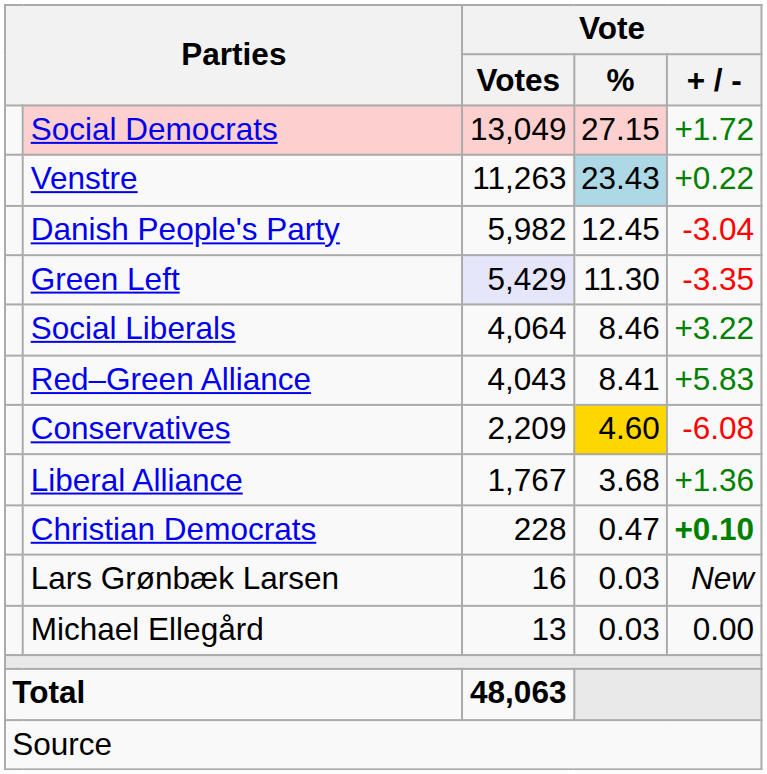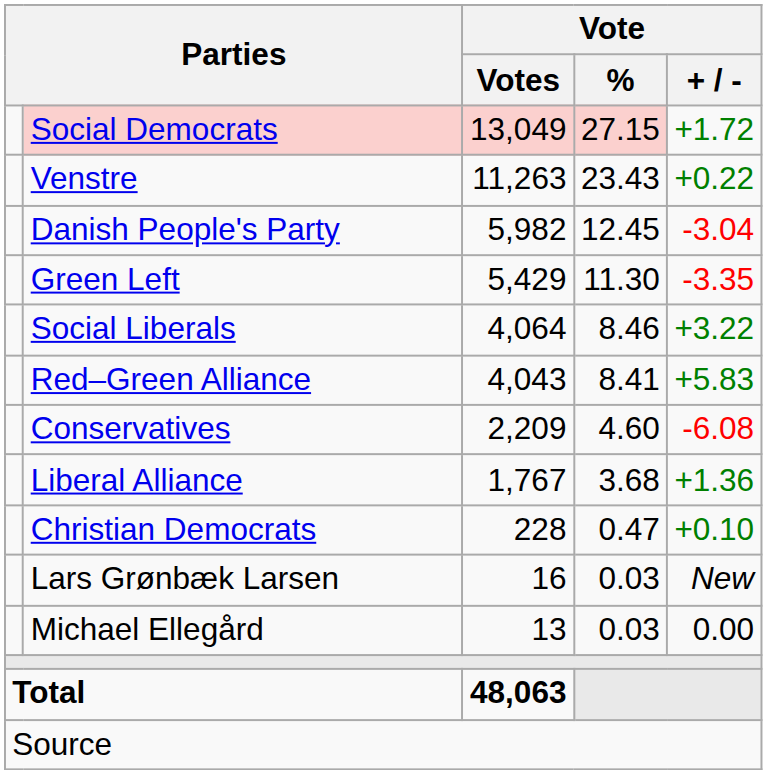 <table class="wikitable" style="text-align:right;">
 <tr>
 <th style="text-align:centre;" rowspan="2" colspan="2" width="225">Parties</th>
 <th colspan="3">Vote</th>
 </tr>
 <tr>
 <th width="15">Votes</th>
 <th width="15">%</th>
 <th width="15">+ / -</th>
 </tr>
 <tr>
 <td width="2" style="color:inherit;background:"></td>
 <td bgcolor=#fbd0ce  align="left"><a href='#'>Social Democrats</a></td>
 <td bgcolor=#fbd0ce>13,049</td>
 <td bgcolor=#fbd0ce>27.15</td>
 <td style=color:green;>+1.72</td>
 </tr>
 <tr>
 <td width="2" style="color:inherit;background:"></td>
 <td align="left"><a href='#'>Venstre</a></td>
 <td>11,263</td>
-<td style="background: lightblue;">23.43</td>
+<td>23.43</td>
 <td style=color:green;>+0.22</td>
 </tr>
 <tr>
 <td width="2" style="color:inherit;background:"></td>
 <td align="left"><a href='#'>Danish People's Party</a></td>
 <td>5,982</td>
 <td>12.45</td>
 <td style=color:red;>-3.04</td>
 </tr>
 <tr>
 <td width="2" style="color:inherit;background:"></td>
 <td align="left"><a href='#'>Green Left</a></td>
-<td style="background: lavender;">5,429</td>
+<td>5,429</td>
 <td>11.30</td>
 <td style=color:red;>-3.35</td>
 </tr>
 <tr>
 <td width="2" style="color:inherit;background:"></td>
 <td align="left"><a href='#'>Social Liberals</a></td>
 <td>4,064</td>
 <td>8.46</td>
 <td style=color:green;>+3.22</td>
 </tr>
 <tr>
 <td width="2" style="color:inherit;background:"></td>
 <td align="left"><a href='#'>Red–Green Alliance</a></td>
 <td>4,043</td>
 <td>8.41</td>
 <td style=color:green;>+5.83</td>
 </tr>
 <tr>
 <td width="2" style="color:inherit;background:"></td>
 <td align="left"><a href='#'>Conservatives</a></td>
 <td>2,209</td>
-<td style="background: gold;">4.60</td>
+<td>4.60</td>
 <td style=color:red;>-6.08</td>
 </tr>
 <tr>
 <td width="2" style="color:inherit;background:"></td>
 <td align="left"><a href='#'>Liberal Alliance</a></td>
 <td>1,767</td>
 <td>3.68</td>
 <td style=color:green;>+1.36</td>
 </tr>
 <tr>
 <td width="2" style="color:inherit;background:"></td>
 <td align="left"><a href='#'>Christian Democrats</a></td>
 <td>228</td>
 <td>0.47</td>
-<td style=color:green;><strong>+0.10</strong></td>
+<td style=color:green;>+0.10</td>
 </tr>
 <tr>
 <td width="2" style="color:inherit;background:"></td>
 <td align="left">Lars Grønbæk Larsen</td>
 <td>16</td>
 <td>0.03</td>
 <td><em>New</em></td>
 </tr>
 <tr>
 <td width="2" style="color:inherit;background:"></td>
 <td align="left">Michael Ellegård</td>
 <td>13</td>
 <td>0.03</td>
 <td>0.00</td>
 </tr>
 <tr>
 <td colspan="7" bgcolor="#E9E9E9"></td>
 </tr>
 <tr>
 <td align="left" colspan="2"><strong>Total</strong></td>
 <td><strong>48,063</strong></td>
 <td bgcolor="#E9E9E9" colspan="2"></td>
 </tr>
 <tr>
 <td align="left" colspan="6">Source</td>
 </tr>
 </table>
